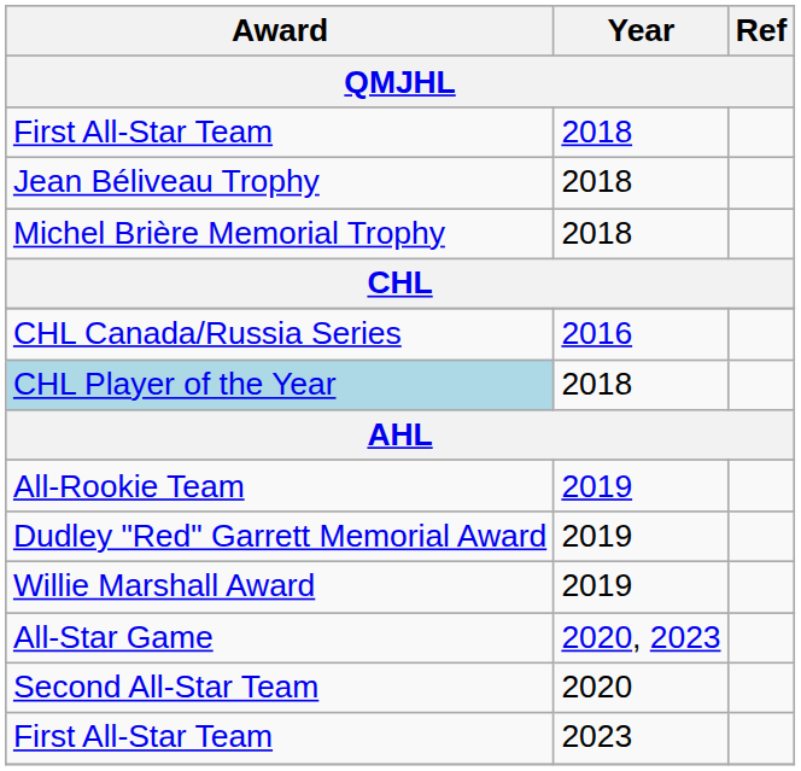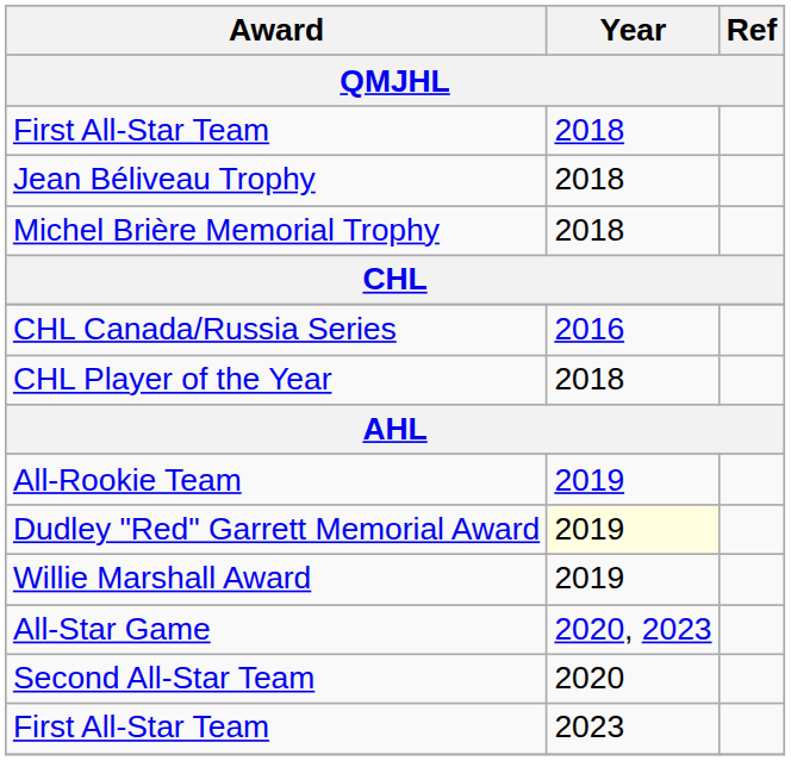 <table class="wikitable">
 <tr>
 <th>Award</th>
 <th>Year</th>
 <th>Ref</th>
 </tr>
 <tr>
 <th colspan="3"><a href='#'>QMJHL</a></th>
 </tr>
 <tr>
 <td><a href='#'>First All-Star Team</a></td>
 <td><a href='#'>2018</a></td>
 <td></td>
 </tr>
 <tr>
 <td><a href='#'>Jean Béliveau Trophy</a></td>
 <td>2018</td>
 <td></td>
 </tr>
 <tr>
 <td><a href='#'>Michel Brière Memorial Trophy</a></td>
 <td>2018</td>
 <td></td>
 </tr>
 <tr>
 <th colspan="3"><a href='#'>CHL</a></th>
 </tr>
 <tr>
 </tr>
 <tr>
 <td><a href='#'>CHL Canada/Russia Series</a></td>
 <td><a href='#'>2016</a></td>
 <td></td>
 </tr>
 <tr>
-<td style="background: lightblue;"><a href='#'>CHL Player of the Year</a></td>
+<td><a href='#'>CHL Player of the Year</a></td>
 <td>2018</td>
 <td></td>
 </tr>
 <tr>
 <th colspan="3"><a href='#'>AHL</a></th>
 </tr>
 <tr>
 <td><a href='#'>All-Rookie Team</a></td>
 <td><a href='#'>2019</a></td>
 <td></td>
 </tr>
 <tr>
 <td><a href='#'>Dudley "Red" Garrett Memorial Award</a></td>
-<td>2019</td>
+<td style="background: lightyellow;">2019</td>
 <td></td>
 </tr>
 <tr>
 <td><a href='#'>Willie Marshall Award</a></td>
 <td>2019</td>
 <td></td>
 </tr>
 <tr>
 <td><a href='#'>All-Star Game</a></td>
 <td><a href='#'>2020</a>, <a href='#'>2023</a></td>
 <td></td>
 </tr>
 <tr>
 <td><a href='#'>Second All-Star Team</a></td>
 <td 2019–20 AHL season>2020</td>
 <td></td>
 </tr>
 <tr>
 <td><a href='#'>First All-Star Team</a></td>
 <td 2022–23 AHL season>2023</td>
 <td></td>
 </tr>
 <tr>
 </tr>
 </table>
